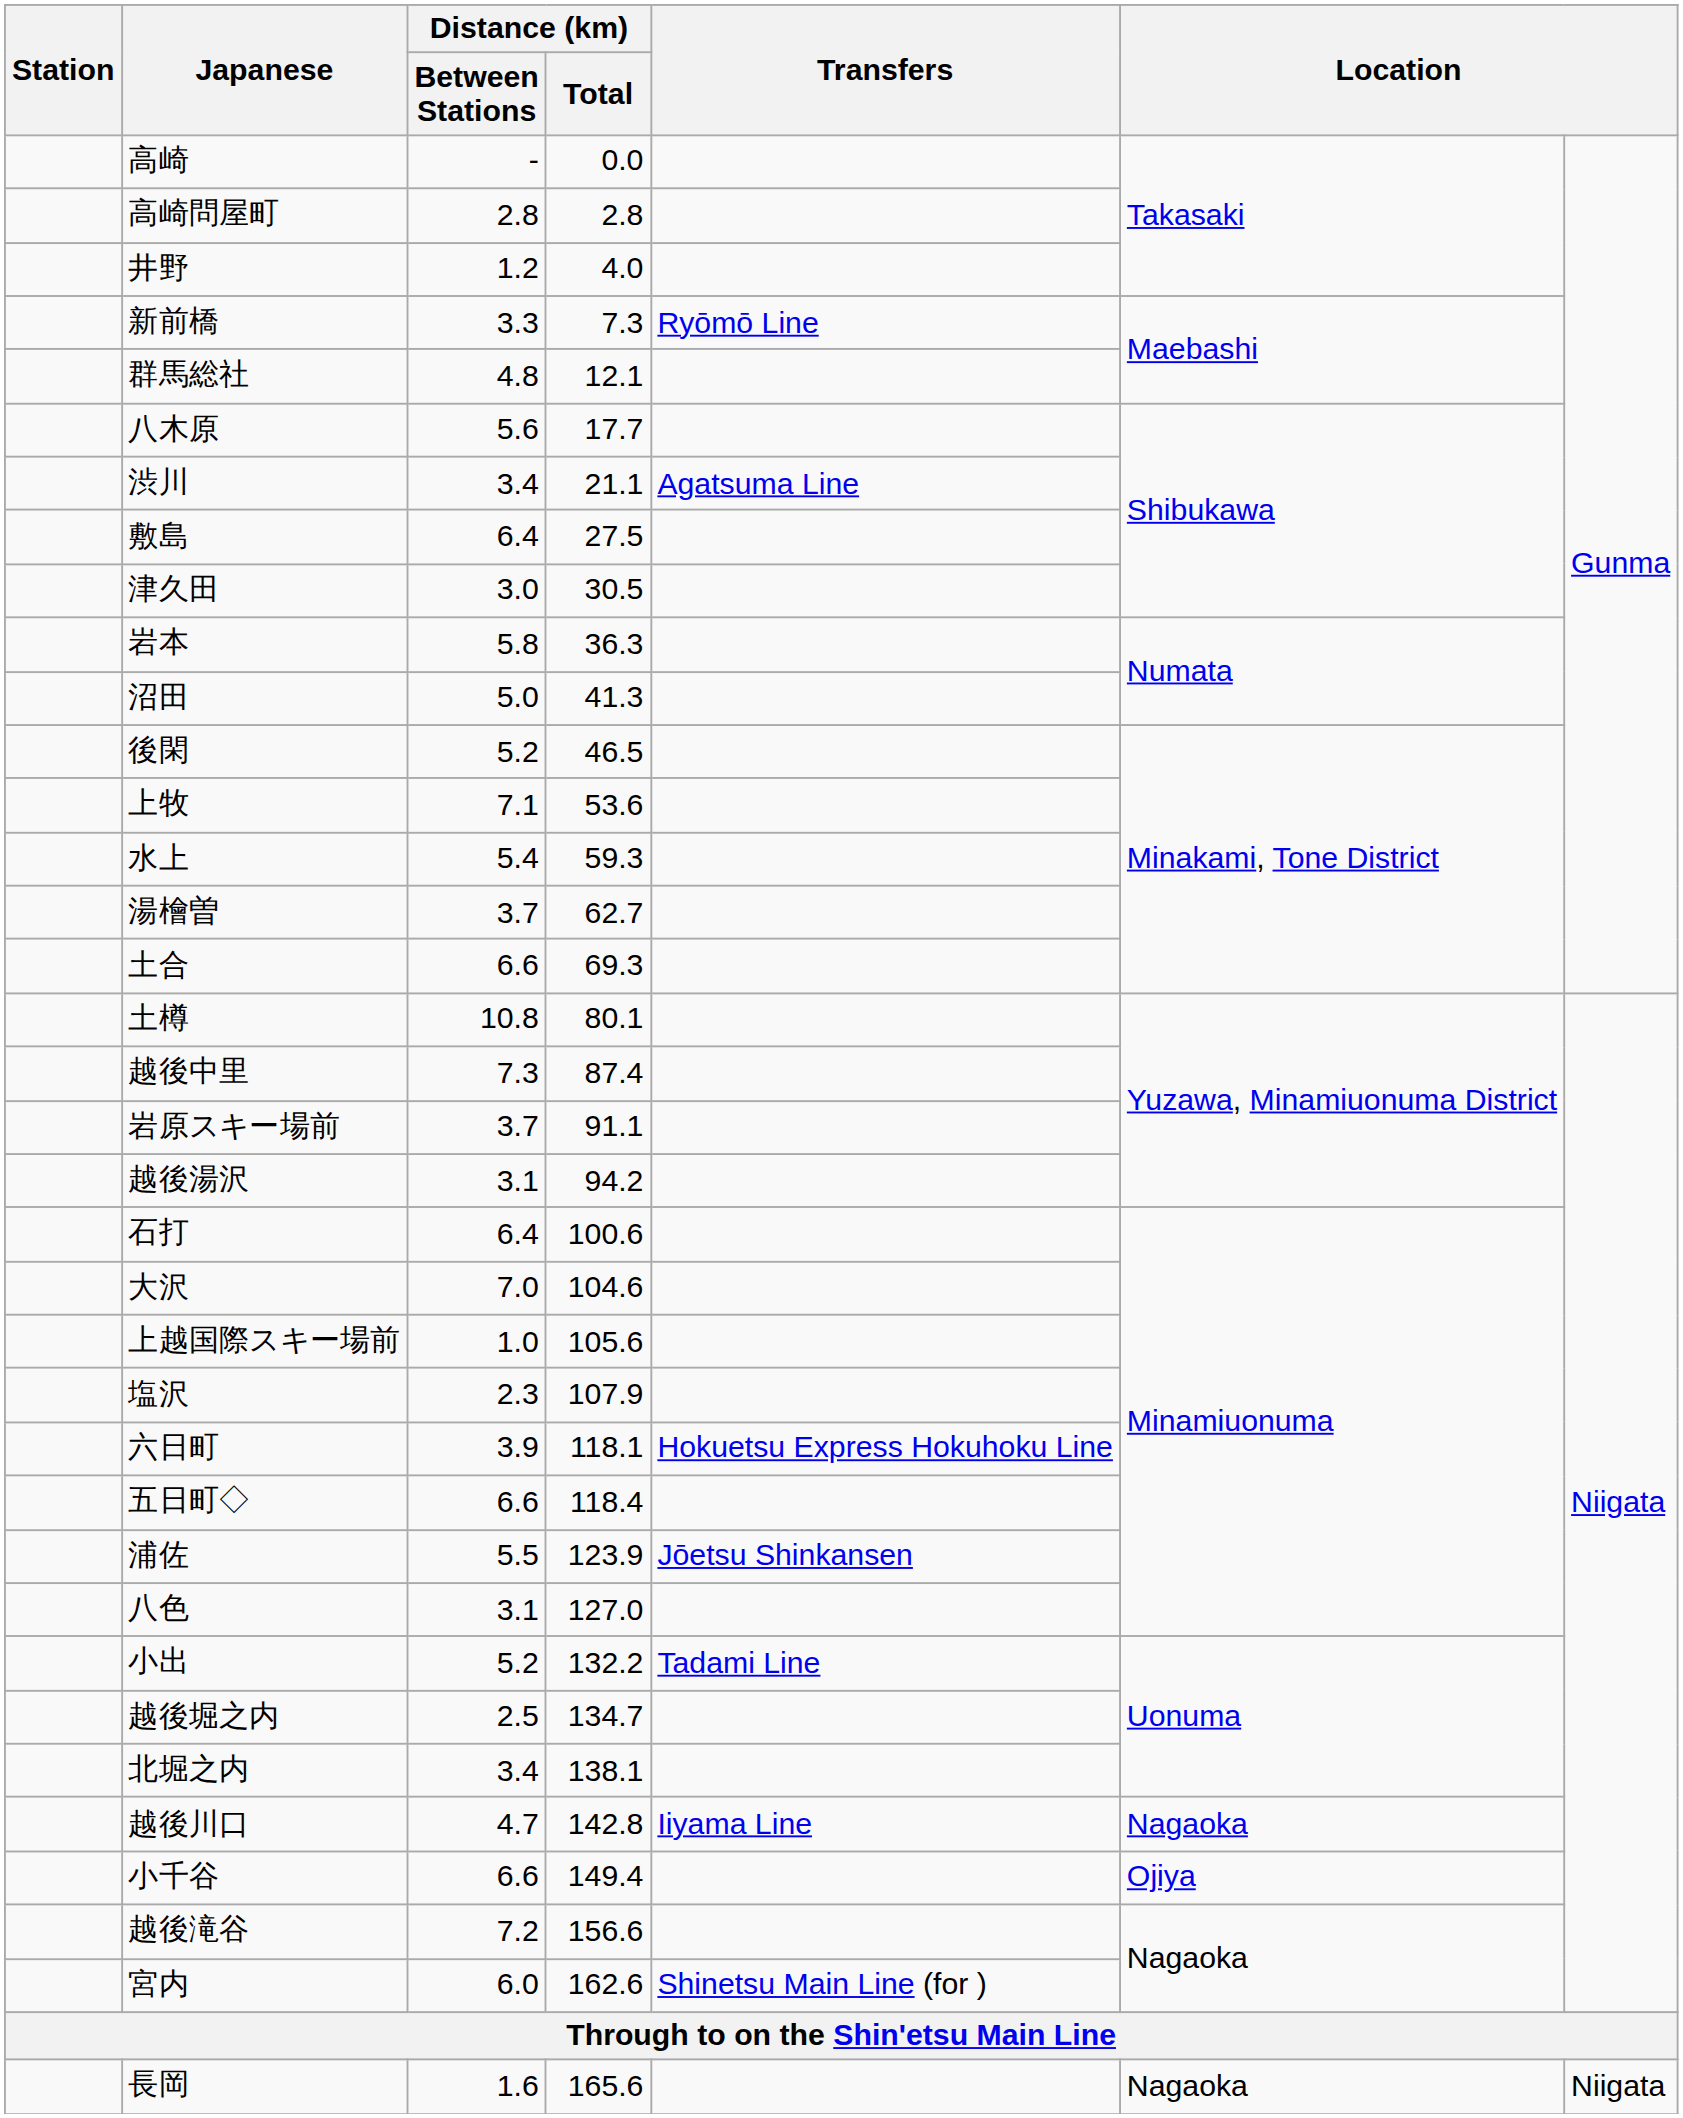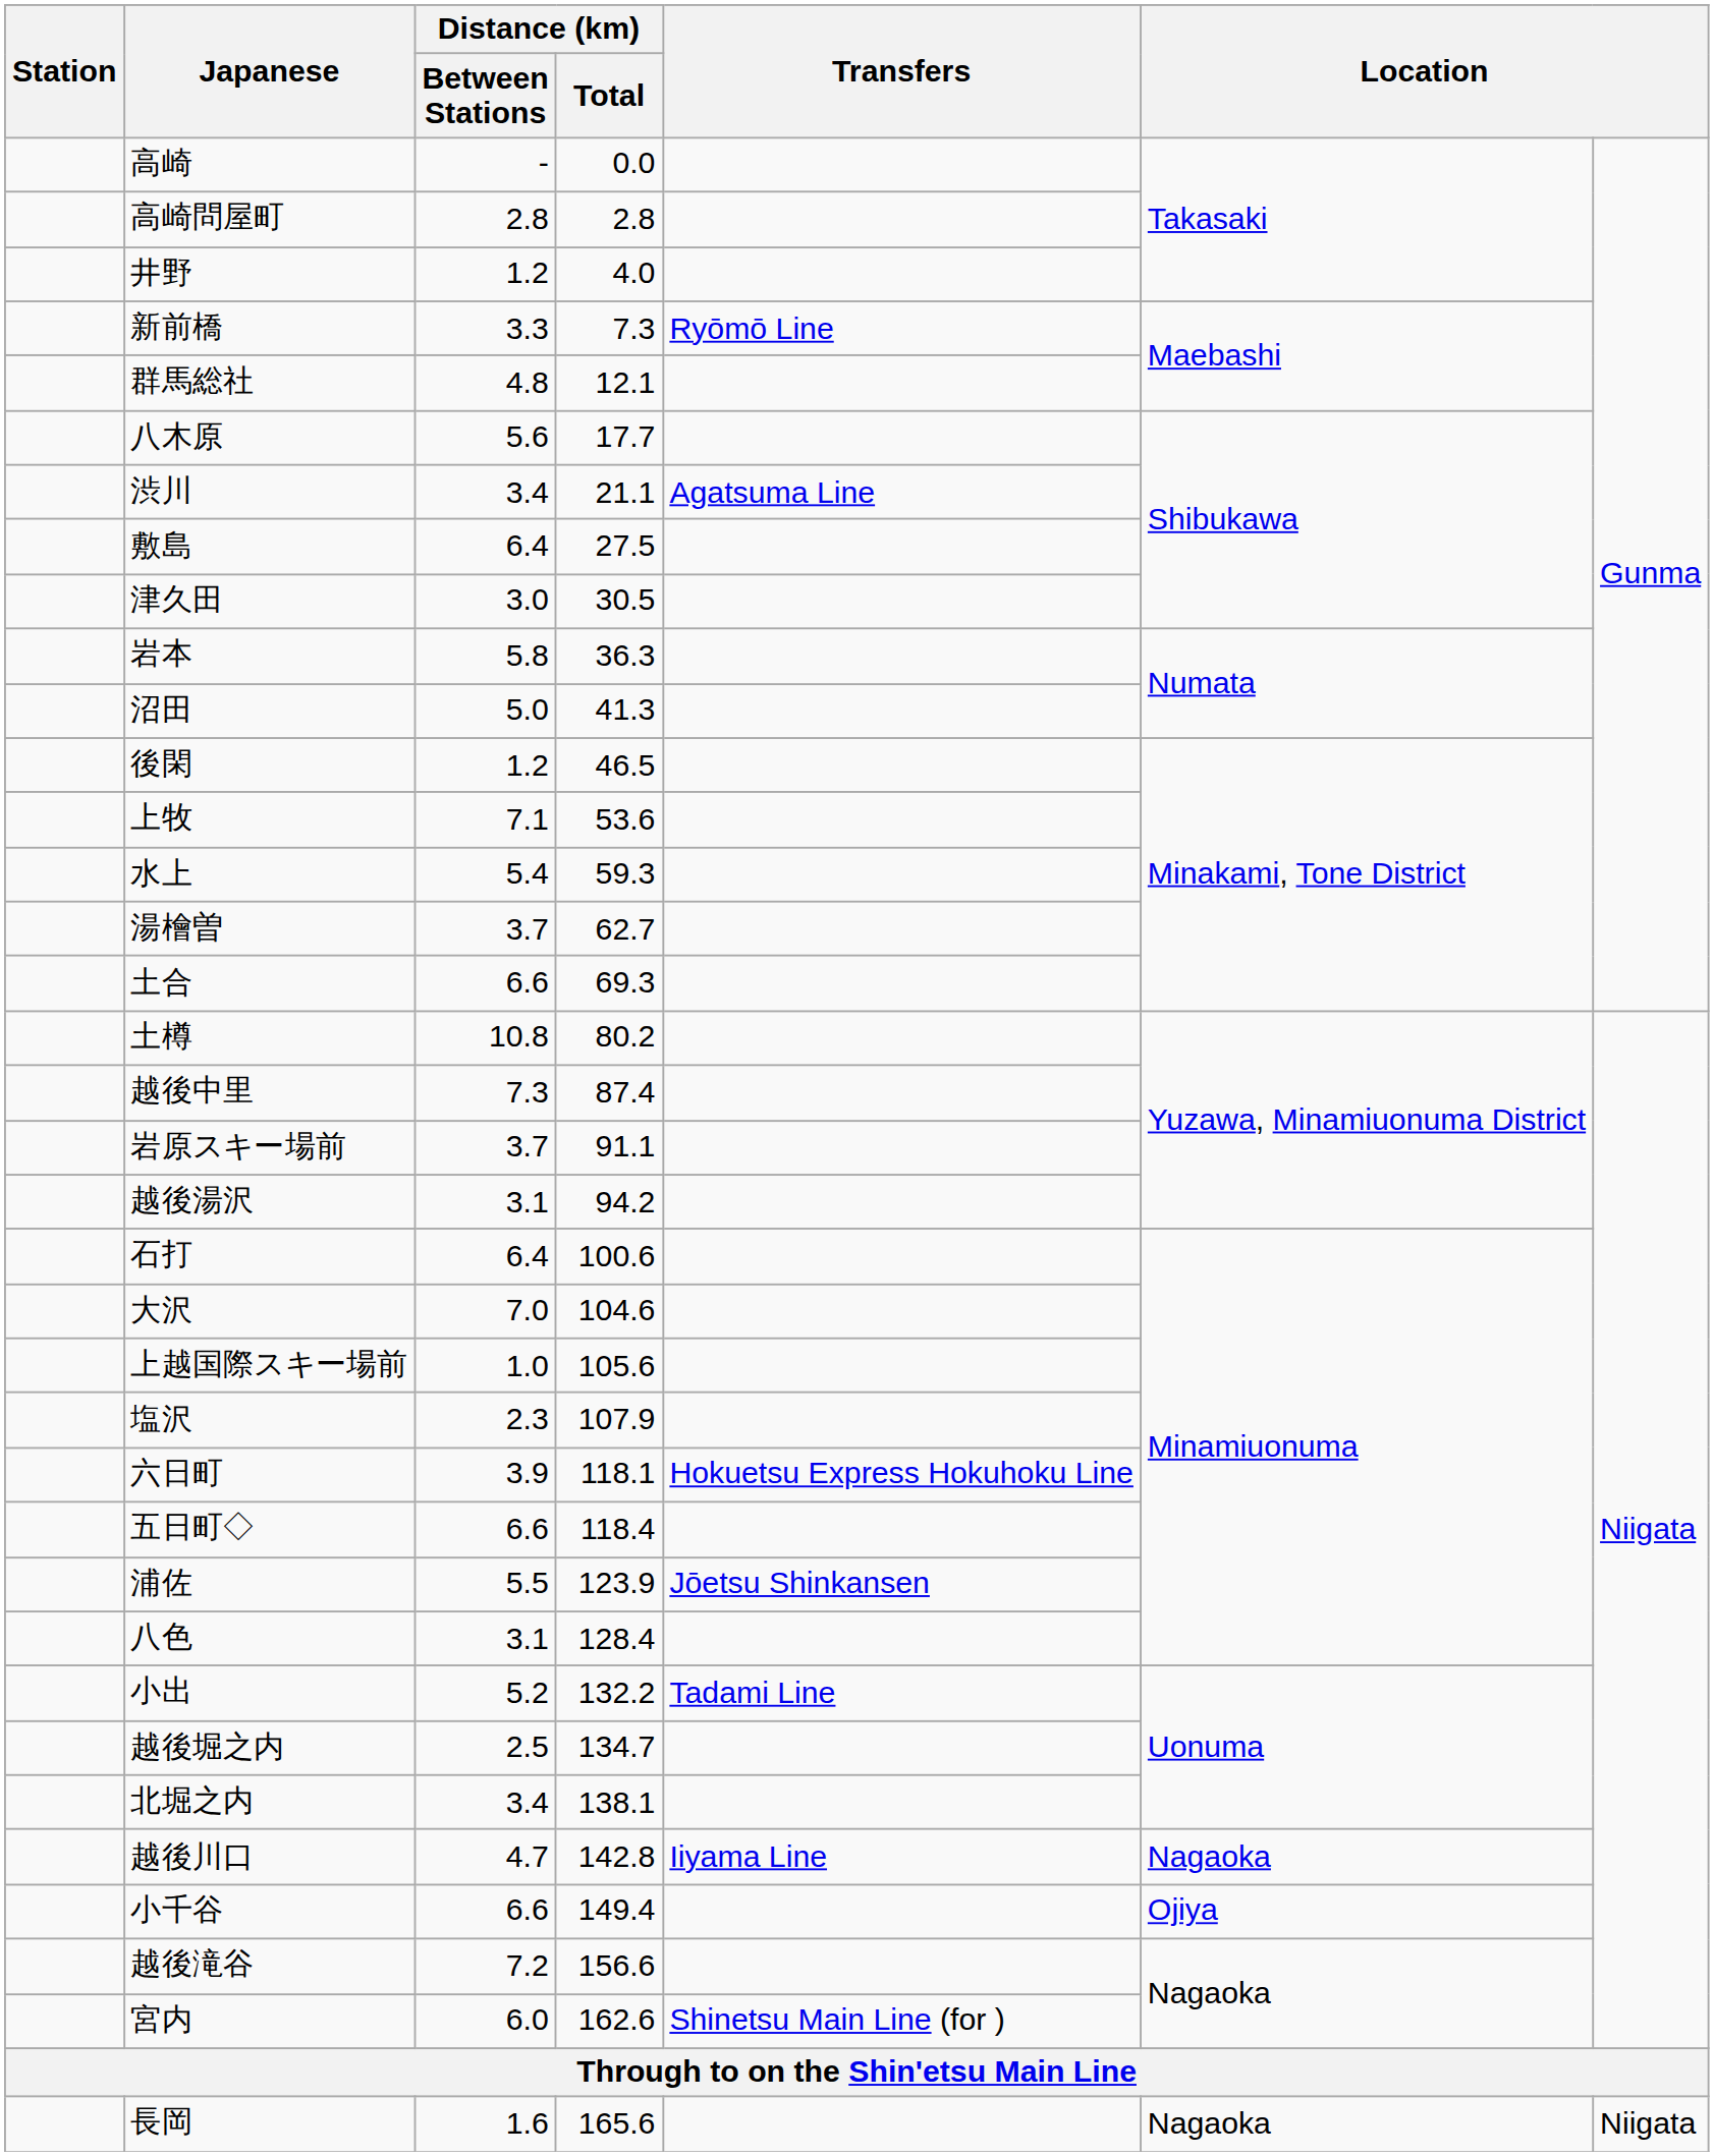 <table class="wikitable" rules="all">
 <tr>
 <th rowspan="2">Station</th>
 <th rowspan="2">Japanese</th>
 <th colspan="2">Distance (km)</th>
 <th rowspan="2">Transfers</th>
 <th colspan="2" rowspan="2">Location</th>
 </tr>
 <tr>
 <th style="width:2.5em">Between<br>Stations</th>
 <th style="width:3em">Total</th>
 </tr>
 <tr>
 <td></td>
 <td>高崎</td>
 <td style="text-align:right;">-</td>
 <td style="text-align:right;">0.0</td>
 <td></td>
 <td rowspan="3"><a href='#'>Takasaki</a></td>
 <td rowspan="16"><a href='#'>Gunma</a></td>
 </tr>
 <tr>
 <td></td>
 <td>高崎問屋町</td>
 <td style="text-align:right;">2.8</td>
 <td style="text-align:right;">2.8</td>
 <td> </td>
 </tr>
 <tr>
 <td></td>
 <td>井野</td>
 <td style="text-align:right;">1.2</td>
 <td style="text-align:right;">4.0</td>
 <td> </td>
 </tr>
 <tr>
 <td></td>
 <td>新前橋</td>
 <td style="text-align:right;">3.3</td>
 <td style="text-align:right;">7.3</td>
 <td><a href='#'>Ryōmō Line</a></td>
 <td rowspan="2"><a href='#'>Maebashi</a></td>
 </tr>
 <tr>
 <td></td>
 <td>群馬総社</td>
 <td style="text-align:right;">4.8</td>
 <td style="text-align:right;">12.1</td>
 <td> </td>
 </tr>
 <tr>
 <td></td>
 <td>八木原</td>
 <td style="text-align:right;">5.6</td>
 <td style="text-align:right;">17.7</td>
 <td> </td>
 <td rowspan="4"><a href='#'>Shibukawa</a></td>
 </tr>
 <tr>
 <td></td>
 <td>渋川</td>
 <td style="text-align:right;">3.4</td>
 <td style="text-align:right;">21.1</td>
 <td><a href='#'>Agatsuma Line</a></td>
 </tr>
 <tr>
 <td></td>
 <td>敷島</td>
 <td style="text-align:right;">6.4</td>
 <td style="text-align:right;">27.5</td>
 <td> </td>
 </tr>
 <tr>
 <td></td>
 <td>津久田</td>
 <td style="text-align:right;">3.0</td>
 <td style="text-align:right;">30.5</td>
 <td> </td>
 </tr>
 <tr>
 <td></td>
 <td>岩本</td>
 <td style="text-align:right;">5.8</td>
 <td style="text-align:right;">36.3</td>
 <td> </td>
 <td rowspan="2"><a href='#'>Numata</a></td>
 </tr>
 <tr>
 <td></td>
 <td>沼田</td>
 <td style="text-align:right;">5.0</td>
 <td style="text-align:right;">41.3</td>
 <td> </td>
 </tr>
 <tr>
 <td></td>
 <td>後閑</td>
-<td style="text-align:right;">5.2</td>
+<td style="text-align:right;">1.2</td>
 <td style="text-align:right;">46.5</td>
 <td> </td>
 <td rowspan="5"><a href='#'>Minakami</a>, <a href='#'>Tone District</a></td>
 </tr>
 <tr>
 <td></td>
 <td>上牧</td>
 <td style="text-align:right;">7.1</td>
 <td style="text-align:right;">53.6</td>
 <td> </td>
 </tr>
 <tr>
 <td></td>
 <td>水上</td>
 <td style="text-align:right;">5.4</td>
 <td style="text-align:right;">59.3</td>
 <td> </td>
 </tr>
 <tr>
 <td></td>
 <td>湯檜曽</td>
 <td style="text-align:right;">3.7</td>
 <td style="text-align:right;">62.7</td>
 <td> </td>
 </tr>
 <tr>
 <td></td>
 <td>土合</td>
 <td style="text-align:right;">6.6</td>
 <td style="text-align:right;">69.3</td>
 <td> </td>
 </tr>
 <tr>
 <td></td>
 <td>土樽</td>
 <td style="text-align:right;">10.8</td>
-<td style="text-align:right;">80.1</td>
+<td style="text-align:right;">80.2</td>
 <td> </td>
 <td rowspan="4"><a href='#'>Yuzawa</a>, <a href='#'>Minamiuonuma District</a></td>
 <td rowspan="19"><a href='#'>Niigata</a></td>
 </tr>
 <tr>
 <td></td>
 <td>越後中里</td>
 <td style="text-align:right;">7.3</td>
 <td style="text-align:right;">87.4</td>
 <td> </td>
 </tr>
 <tr>
 <td></td>
 <td>岩原スキー場前</td>
 <td style="text-align:right;">3.7</td>
 <td style="text-align:right;">91.1</td>
 <td> </td>
 </tr>
 <tr>
 <td></td>
 <td>越後湯沢</td>
 <td style="text-align:right;">3.1</td>
 <td style="text-align:right;">94.2</td>
 <td></td>
 </tr>
 <tr>
 <td></td>
 <td>石打</td>
 <td style="text-align:right;">6.4</td>
 <td style="text-align:right;">100.6</td>
 <td> </td>
 <td rowspan="8"><a href='#'>Minamiuonuma</a></td>
 </tr>
 <tr>
 <td></td>
 <td>大沢</td>
 <td style="text-align:right;">7.0</td>
 <td style="text-align:right;">104.6</td>
 <td> </td>
 </tr>
 <tr>
 <td></td>
 <td style="white-space:nowrap;">上越国際スキー場前</td>
 <td style="text-align:right;">1.0</td>
 <td style="text-align:right;">105.6</td>
 <td> </td>
 </tr>
 <tr>
 <td></td>
 <td>塩沢</td>
 <td style="text-align:right;">2.3</td>
 <td style="text-align:right;">107.9</td>
 <td> </td>
 </tr>
 <tr>
 <td></td>
 <td>六日町</td>
 <td style="text-align:right;">3.9</td>
 <td style="text-align:right;">118.1</td>
 <td><a href='#'>Hokuetsu Express Hokuhoku Line</a></td>
 </tr>
 <tr>
 <td></td>
 <td>五日町◇</td>
 <td style="text-align:right;">6.6</td>
 <td style="text-align:right;">118.4</td>
 <td> </td>
 </tr>
 <tr>
 <td></td>
 <td>浦佐</td>
 <td style="text-align:right;">5.5</td>
 <td style="text-align:right;">123.9</td>
 <td><a href='#'>Jōetsu Shinkansen</a></td>
 </tr>
 <tr>
 <td></td>
 <td>八色</td>
 <td style="text-align:right;">3.1</td>
-<td style="text-align:right;">127.0</td>
+<td style="text-align:right;">128.4</td>
 <td> </td>
 </tr>
 <tr>
 <td></td>
 <td>小出</td>
 <td style="text-align:right;">5.2</td>
 <td style="text-align:right;">132.2</td>
 <td><a href='#'>Tadami Line</a></td>
 <td rowspan="3"><a href='#'>Uonuma</a></td>
 </tr>
 <tr>
 <td></td>
 <td>越後堀之内</td>
 <td style="text-align:right;">2.5</td>
 <td style="text-align:right;">134.7</td>
 <td> </td>
 </tr>
 <tr>
 <td></td>
 <td>北堀之内</td>
 <td style="text-align:right;">3.4</td>
 <td style="text-align:right;">138.1</td>
 <td> </td>
 </tr>
 <tr>
 <td></td>
 <td>越後川口</td>
 <td style="text-align:right;">4.7</td>
 <td style="text-align:right;">142.8</td>
 <td><a href='#'>Iiyama Line</a></td>
 <td><a href='#'>Nagaoka</a></td>
 </tr>
 <tr>
 <td></td>
 <td>小千谷</td>
 <td style="text-align:right;">6.6</td>
 <td style="text-align:right;">149.4</td>
 <td> </td>
 <td><a href='#'>Ojiya</a></td>
 </tr>
 <tr>
 <td></td>
 <td>越後滝谷</td>
 <td style="text-align:right;">7.2</td>
 <td style="text-align:right;">156.6</td>
 <td> </td>
 <td rowspan="2">Nagaoka</td>
 </tr>
 <tr>
 <td></td>
 <td>宮内</td>
 <td style="text-align:right;">6.0</td>
 <td style="text-align:right;">162.6</td>
 <td><a href='#'>Shinetsu Main Line</a> (for )</td>
 </tr>
 <tr>
 <th colspan="7" style="text-align:center;">Through to  on the <a href='#'>Shin'etsu Main Line</a></th>
 </tr>
 <tr>
 <td></td>
 <td>長岡</td>
 <td style="text-align:right;">1.6</td>
 <td style="text-align:right;">165.6</td>
 <td></td>
 <td>Nagaoka</td>
 <td>Niigata</td>
 </tr>
 </table>
